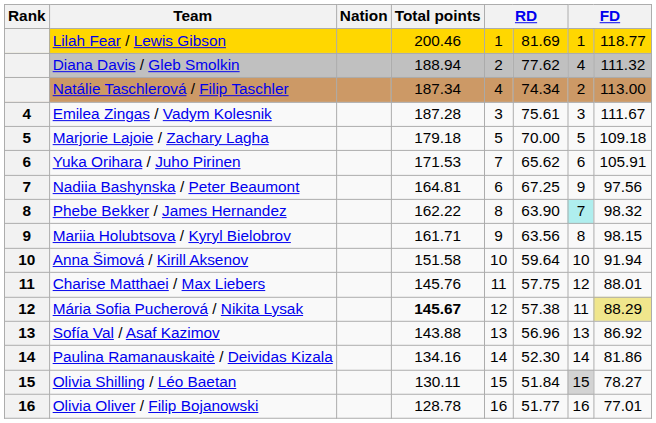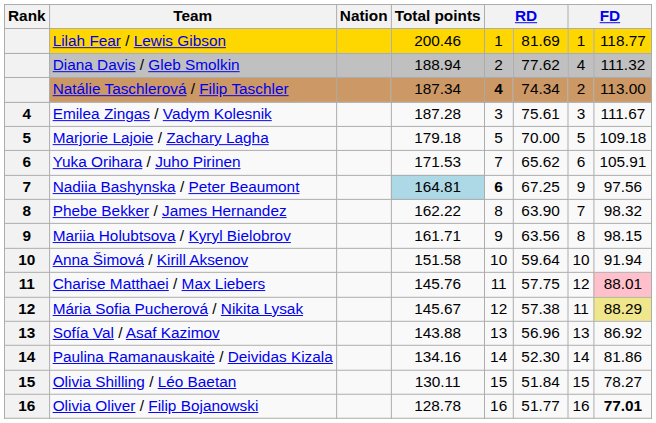 <table class="wikitable sortable" style="text-align:left">
 <tr>
 <th scope="col">Rank</th>
 <th scope="col">Team</th>
 <th scope="col">Nation</th>
 <th scope="col">Total points</th>
 <th scope="col" colspan="2" width="80px"><a href='#'>RD</a></th>
 <th scope="col" colspan="2" width="80px"><a href='#'>FD</a></th>
 </tr>
 <tr bgcolor="gold">
 <th scope="row"></th>
 <td><a href='#'>Lilah Fear</a> / <a href='#'>Lewis Gibson</a></td>
 <td></td>
 <td align="center">200.46</td>
 <td align="center">1</td>
 <td align="center">81.69</td>
 <td align="center">1</td>
 <td align="center">118.77</td>
 </tr>
 <tr bgcolor="silver">
 <th scope="row"></th>
 <td><a href='#'>Diana Davis</a> / <a href='#'>Gleb Smolkin</a></td>
 <td></td>
 <td align="center">188.94</td>
 <td align="center">2</td>
 <td align="center">77.62</td>
 <td align="center">4</td>
 <td align="center">111.32</td>
 </tr>
 <tr bgcolor="cc9966">
 <th scope="row"></th>
 <td><a href='#'>Natálie Taschlerová</a> / <a href='#'>Filip Taschler</a></td>
 <td></td>
 <td align="center">187.34</td>
-<td align="center">4</td>
+<td align="center"><strong>4</strong></td>
 <td align="center">74.34</td>
 <td align="center">2</td>
 <td align="center">113.00</td>
 </tr>
 <tr>
 <th scope="row">4</th>
 <td><a href='#'>Emilea Zingas</a> / <a href='#'>Vadym Kolesnik</a></td>
 <td></td>
 <td align="center">187.28</td>
 <td align="center">3</td>
 <td align="center">75.61</td>
 <td align="center">3</td>
 <td align="center">111.67</td>
 </tr>
 <tr>
 <th scope="row">5</th>
 <td><a href='#'>Marjorie Lajoie</a> / <a href='#'>Zachary Lagha</a></td>
 <td></td>
 <td align="center">179.18</td>
 <td align="center">5</td>
 <td align="center">70.00</td>
 <td align="center">5</td>
 <td align="center">109.18</td>
 </tr>
 <tr>
 <th scope="row">6</th>
 <td><a href='#'>Yuka Orihara</a> / <a href='#'>Juho Pirinen</a></td>
 <td></td>
 <td align="center">171.53</td>
 <td align="center">7</td>
 <td align="center">65.62</td>
 <td align="center">6</td>
 <td align="center">105.91</td>
 </tr>
 <tr>
 <th scope="row">7</th>
 <td><a href='#'>Nadiia Bashynska</a> / <a href='#'>Peter Beaumont</a></td>
 <td></td>
-<td align="center">164.81</td>
-<td align="center">6</td>
+<td align="center" style="background: lightblue;">164.81</td>
+<td align="center"><strong>6</strong></td>
 <td align="center">67.25</td>
 <td align="center">9</td>
 <td align="center">97.56</td>
 </tr>
 <tr>
 <th scope="row">8</th>
 <td><a href='#'>Phebe Bekker</a> / <a href='#'>James Hernandez</a></td>
 <td></td>
 <td align="center">162.22</td>
 <td align="center">8</td>
 <td align="center">63.90</td>
-<td align="center" style="background: paleturquoise;">7</td>
+<td align="center">7</td>
 <td align="center">98.32</td>
 </tr>
 <tr>
 <th scope="row">9</th>
 <td><a href='#'>Mariia Holubtsova</a> / <a href='#'>Kyryl Bielobrov</a></td>
 <td></td>
 <td align="center">161.71</td>
 <td align="center">9</td>
 <td align="center">63.56</td>
 <td align="center">8</td>
 <td align="center">98.15</td>
 </tr>
 <tr>
 <th scope="row">10</th>
 <td><a href='#'>Anna Šimová</a> / <a href='#'>Kirill Aksenov</a></td>
 <td></td>
 <td align="center">151.58</td>
 <td align="center">10</td>
 <td align="center">59.64</td>
 <td align="center">10</td>
 <td align="center">91.94</td>
 </tr>
 <tr>
 <th scope="row">11</th>
 <td><a href='#'>Charise Matthaei</a> / <a href='#'>Max Liebers</a></td>
 <td></td>
 <td align="center">145.76</td>
 <td align="center">11</td>
 <td align="center">57.75</td>
 <td align="center">12</td>
-<td align="center">88.01</td>
+<td align="center" style="background: pink;">88.01</td>
 </tr>
 <tr>
 <th scope="row">12</th>
 <td><a href='#'>Mária Sofia Pucherová</a> / <a href='#'>Nikita Lysak</a></td>
 <td></td>
-<td align="center"><strong>145.67</strong></td>
+<td align="center">145.67</td>
 <td align="center">12</td>
 <td align="center">57.38</td>
 <td align="center">11</td>
 <td align="center" style="background: khaki;">88.29</td>
 </tr>
 <tr>
 <th scope="row">13</th>
 <td><a href='#'>Sofía Val</a> / <a href='#'>Asaf Kazimov</a></td>
 <td></td>
 <td align="center">143.88</td>
 <td align="center">13</td>
 <td align="center">56.96</td>
 <td align="center">13</td>
 <td align="center">86.92</td>
 </tr>
 <tr>
 <th scope="row">14</th>
 <td><a href='#'>Paulina Ramanauskaitė</a> / <a href='#'>Deividas Kizala</a></td>
 <td></td>
 <td align="center">134.16</td>
 <td align="center">14</td>
 <td align="center">52.30</td>
 <td align="center">14</td>
 <td align="center">81.86</td>
 </tr>
 <tr>
 <th scope="row">15</th>
 <td><a href='#'>Olivia Shilling</a> / <a href='#'>Léo Baetan</a></td>
 <td></td>
 <td align="center">130.11</td>
 <td align="center">15</td>
 <td align="center">51.84</td>
-<td align="center" style="background: lightgrey;">15</td>
+<td align="center">15</td>
 <td align="center">78.27</td>
 </tr>
 <tr>
 <th scope="row">16</th>
 <td><a href='#'>Olivia Oliver</a> / <a href='#'>Filip Bojanowski</a></td>
 <td></td>
 <td align="center">128.78</td>
 <td align="center">16</td>
 <td align="center">51.77</td>
 <td align="center">16</td>
-<td align="center">77.01</td>
+<td align="center"><strong>77.01</strong></td>
 </tr>
 </table>
